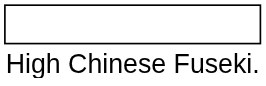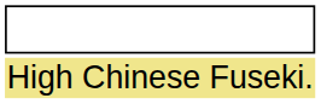 <table style="margin:1em;">
 <tr>
 <td style="border: solid thin; padding: 2px;"><br></td>
 </tr>
 <tr>
-<td style="text-align:center">High Chinese Fuseki.</td>
+<td style="background: khaki; text-align:center">High Chinese Fuseki.</td>
 </tr>
 </table>
